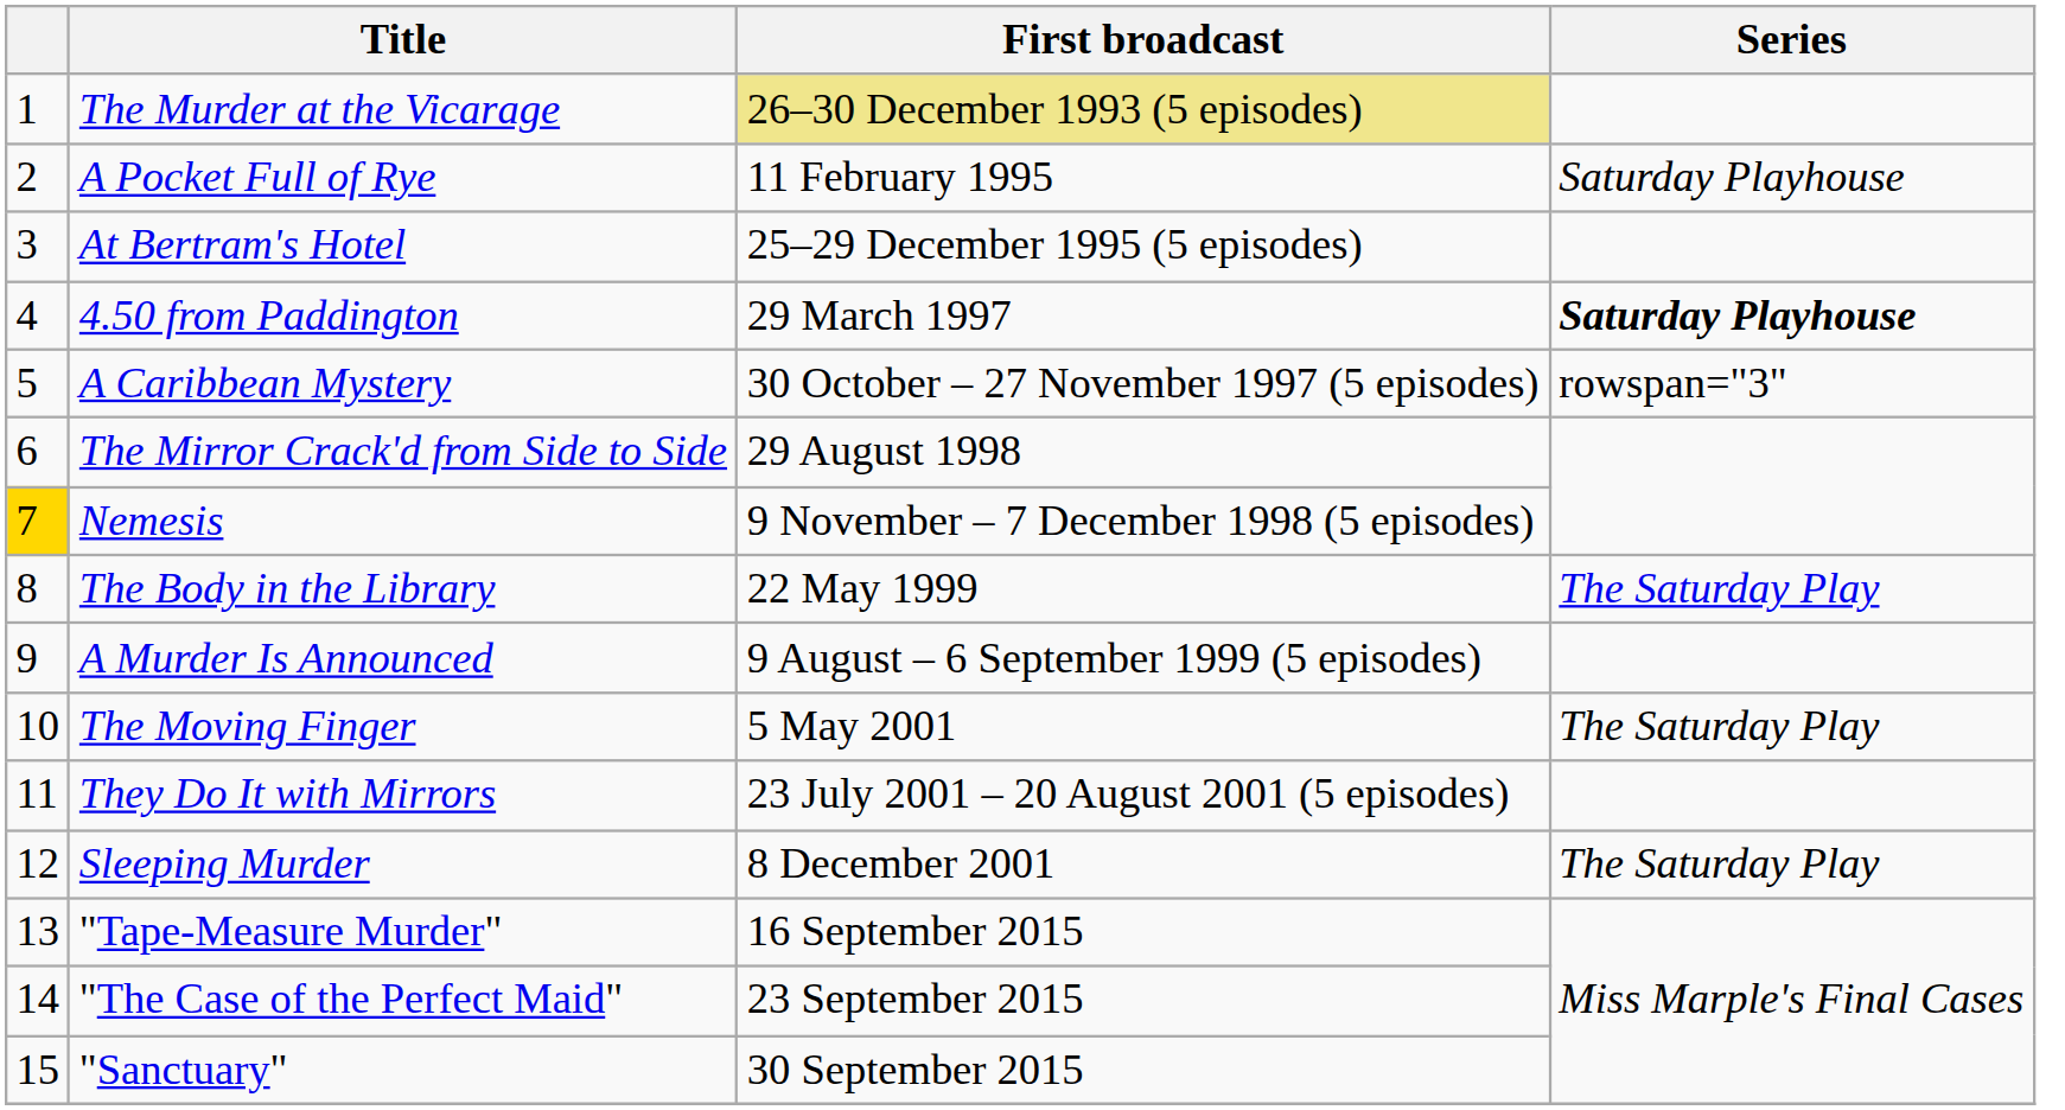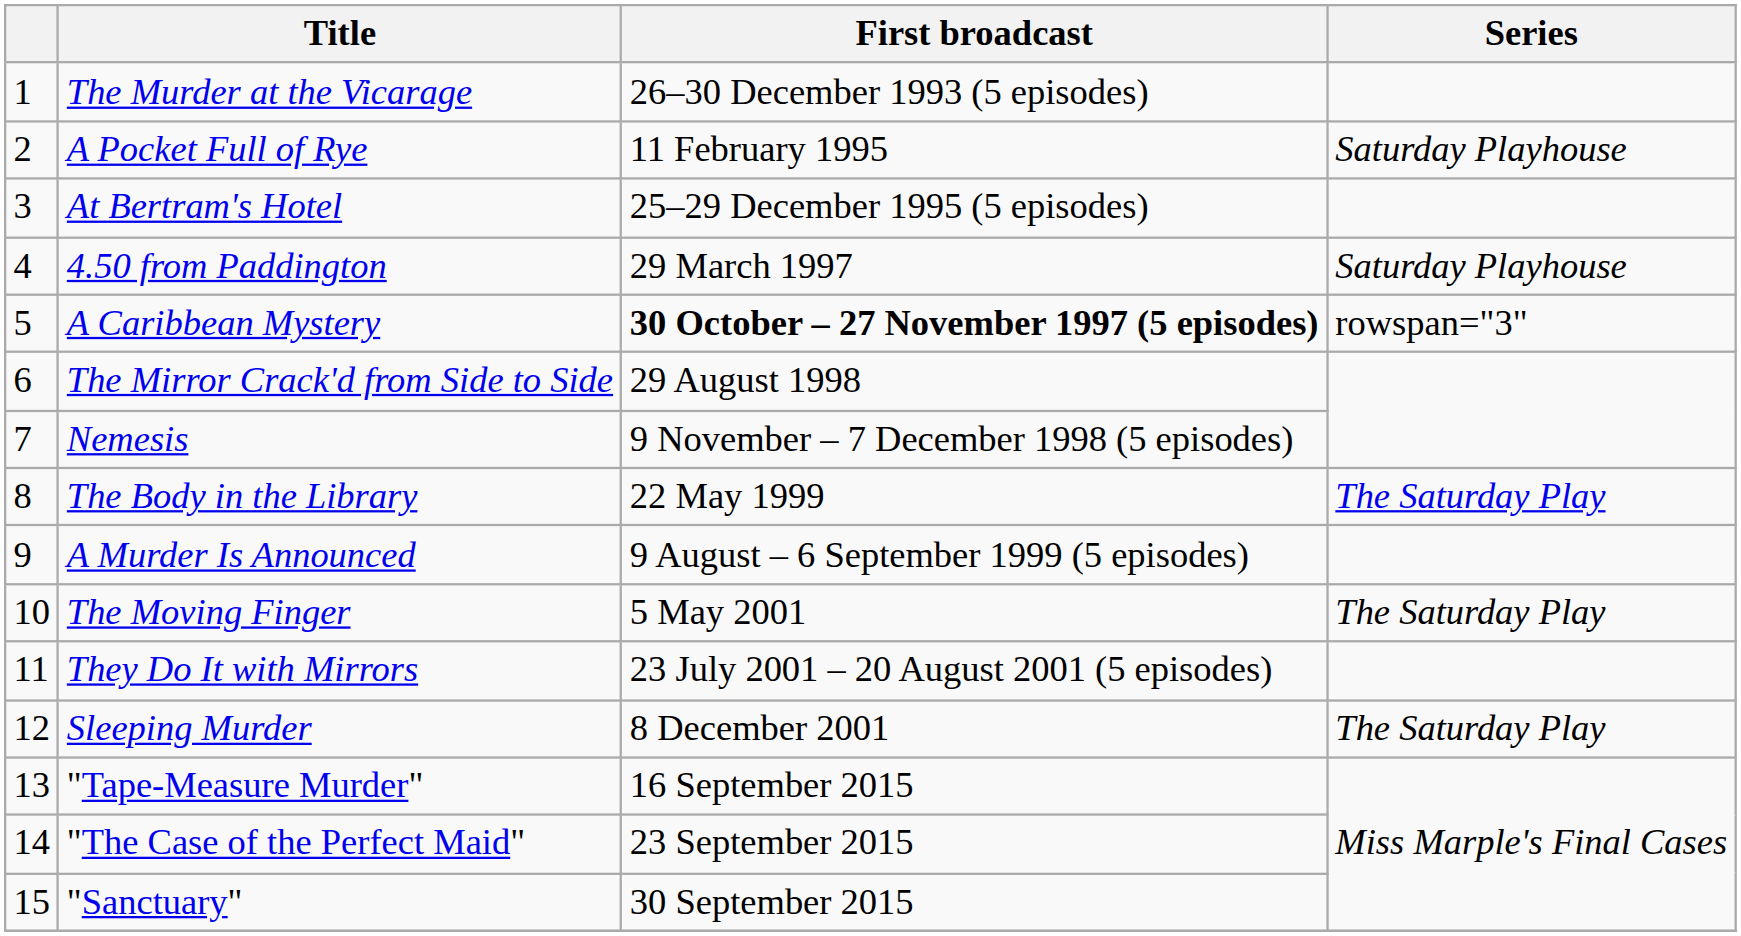 <table class="wikitable">
 <tr>
 <th></th>
 <th>Title</th>
 <th>First broadcast</th>
 <th>Series</th>
 </tr>
 <tr>
 <td>1</td>
 <td><em><a href='#'>The Murder at the Vicarage</a></em></td>
-<td style="background: khaki;">26–30 December 1993 (5 episodes)</td>
+<td>26–30 December 1993 (5 episodes)</td>
 <td></td>
 </tr>
 <tr>
 <td>2</td>
 <td><em><a href='#'>A Pocket Full of Rye</a></em></td>
 <td>11 February 1995</td>
 <td><em>Saturday Playhouse</em></td>
 </tr>
 <tr>
 <td>3</td>
 <td><em><a href='#'>At Bertram's Hotel</a></em></td>
 <td>25–29 December 1995 (5 episodes)</td>
 <td></td>
 </tr>
 <tr>
 <td>4</td>
 <td><em><a href='#'>4.50 from Paddington</a></em></td>
 <td>29 March 1997</td>
-<td><strong><em>Saturday Playhouse</em></strong></td>
+<td><em>Saturday Playhouse</em></td>
 </tr>
 <tr>
 <td>5</td>
 <td><em><a href='#'>A Caribbean Mystery</a></em></td>
-<td>30 October – 27 November 1997 (5 episodes)</td>
+<td><strong>30 October – 27 November 1997 (5 episodes)</strong></td>
 <td>rowspan="3" </td>
 </tr>
 <tr>
 <td>6</td>
 <td><em><a href='#'>The Mirror Crack'd from Side to Side</a></em></td>
 <td>29 August 1998</td>
 </tr>
 <tr>
-<td style="background: gold;">7</td>
+<td>7</td>
 <td><em><a href='#'>Nemesis</a></em></td>
 <td>9 November – 7 December 1998 (5 episodes)</td>
 </tr>
 <tr>
 <td>8</td>
 <td><em><a href='#'>The Body in the Library</a></em></td>
 <td>22 May 1999</td>
 <td><em><a href='#'>The Saturday Play</a></em></td>
 </tr>
 <tr>
 <td>9</td>
 <td><em><a href='#'>A Murder Is Announced</a></em></td>
 <td>9 August – 6 September 1999 (5 episodes)</td>
 <td></td>
 </tr>
 <tr>
 <td>10</td>
 <td><em><a href='#'>The Moving Finger</a></em></td>
 <td>5 May 2001</td>
 <td><em>The Saturday Play</em></td>
 </tr>
 <tr>
 <td>11</td>
 <td><em><a href='#'>They Do It with Mirrors</a></em></td>
 <td>23 July 2001 – 20 August 2001 (5 episodes)</td>
 <td></td>
 </tr>
 <tr>
 <td>12</td>
 <td><em><a href='#'>Sleeping Murder</a></em></td>
 <td>8 December 2001</td>
 <td><em>The Saturday Play</em></td>
 </tr>
 <tr>
 <td>13</td>
 <td>"<a href='#'>Tape-Measure Murder</a>"</td>
 <td>16 September 2015</td>
 <td rowspan="3"><em>Miss Marple's Final Cases</em></td>
 </tr>
 <tr>
 <td>14</td>
 <td>"<a href='#'>The Case of the Perfect Maid</a>"</td>
 <td>23 September 2015</td>
 </tr>
 <tr>
 <td>15</td>
 <td>"<a href='#'>Sanctuary</a>"</td>
 <td>30 September 2015</td>
 </tr>
 <tr>
 </tr>
 </table>
